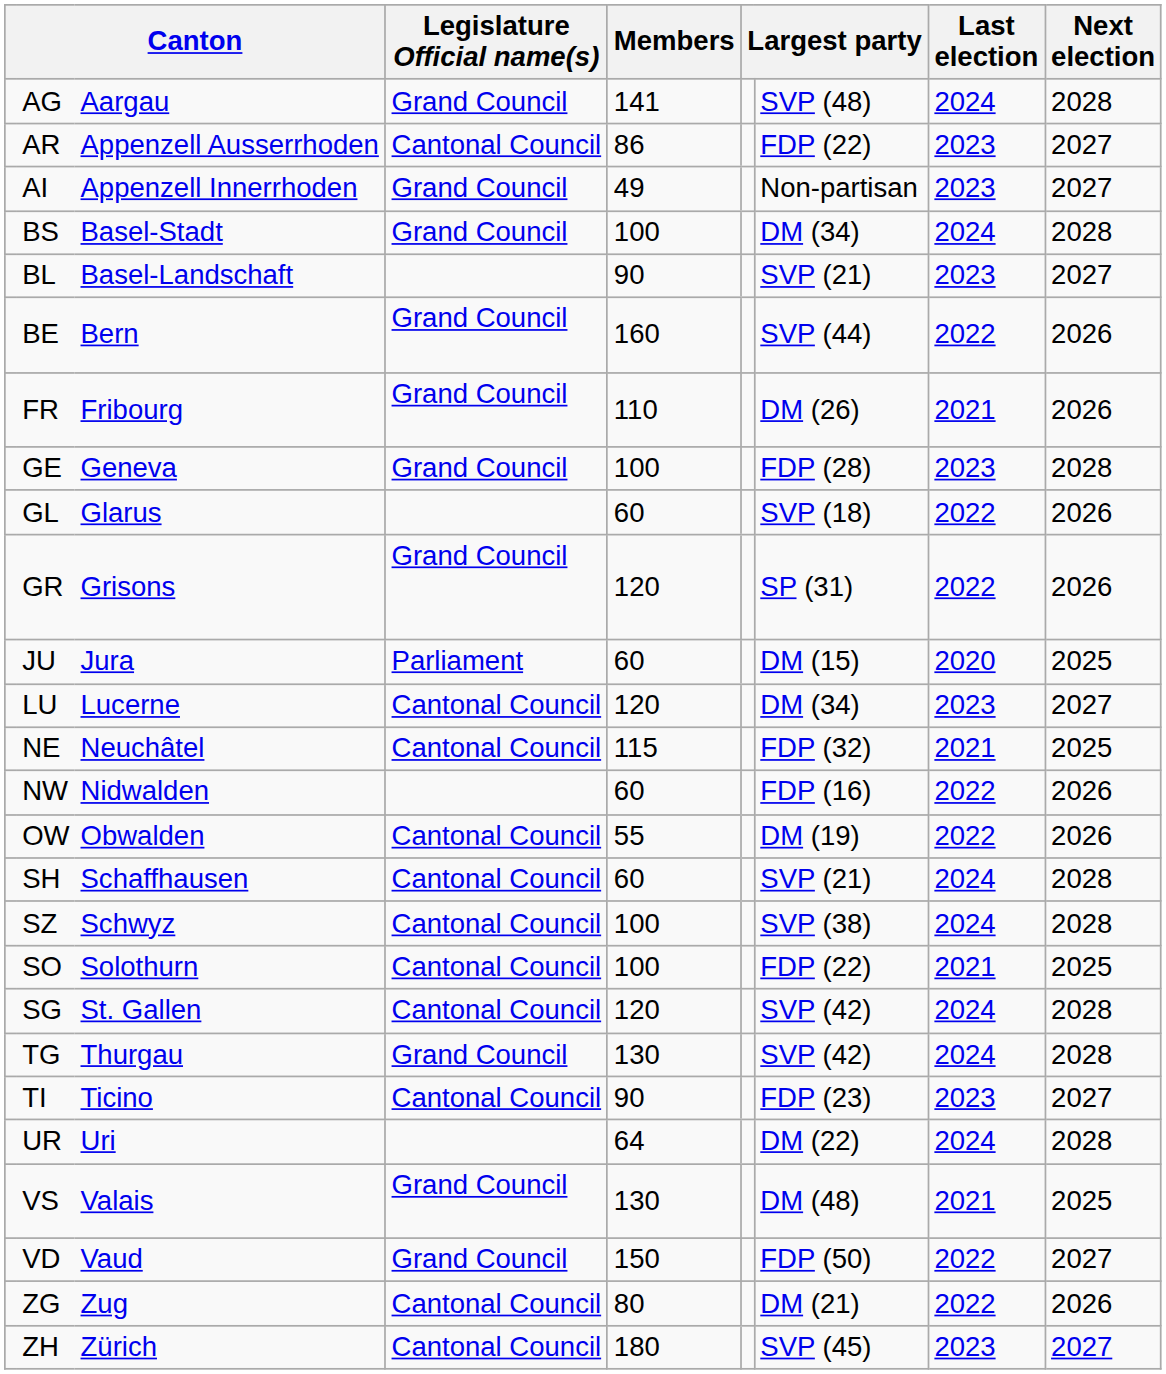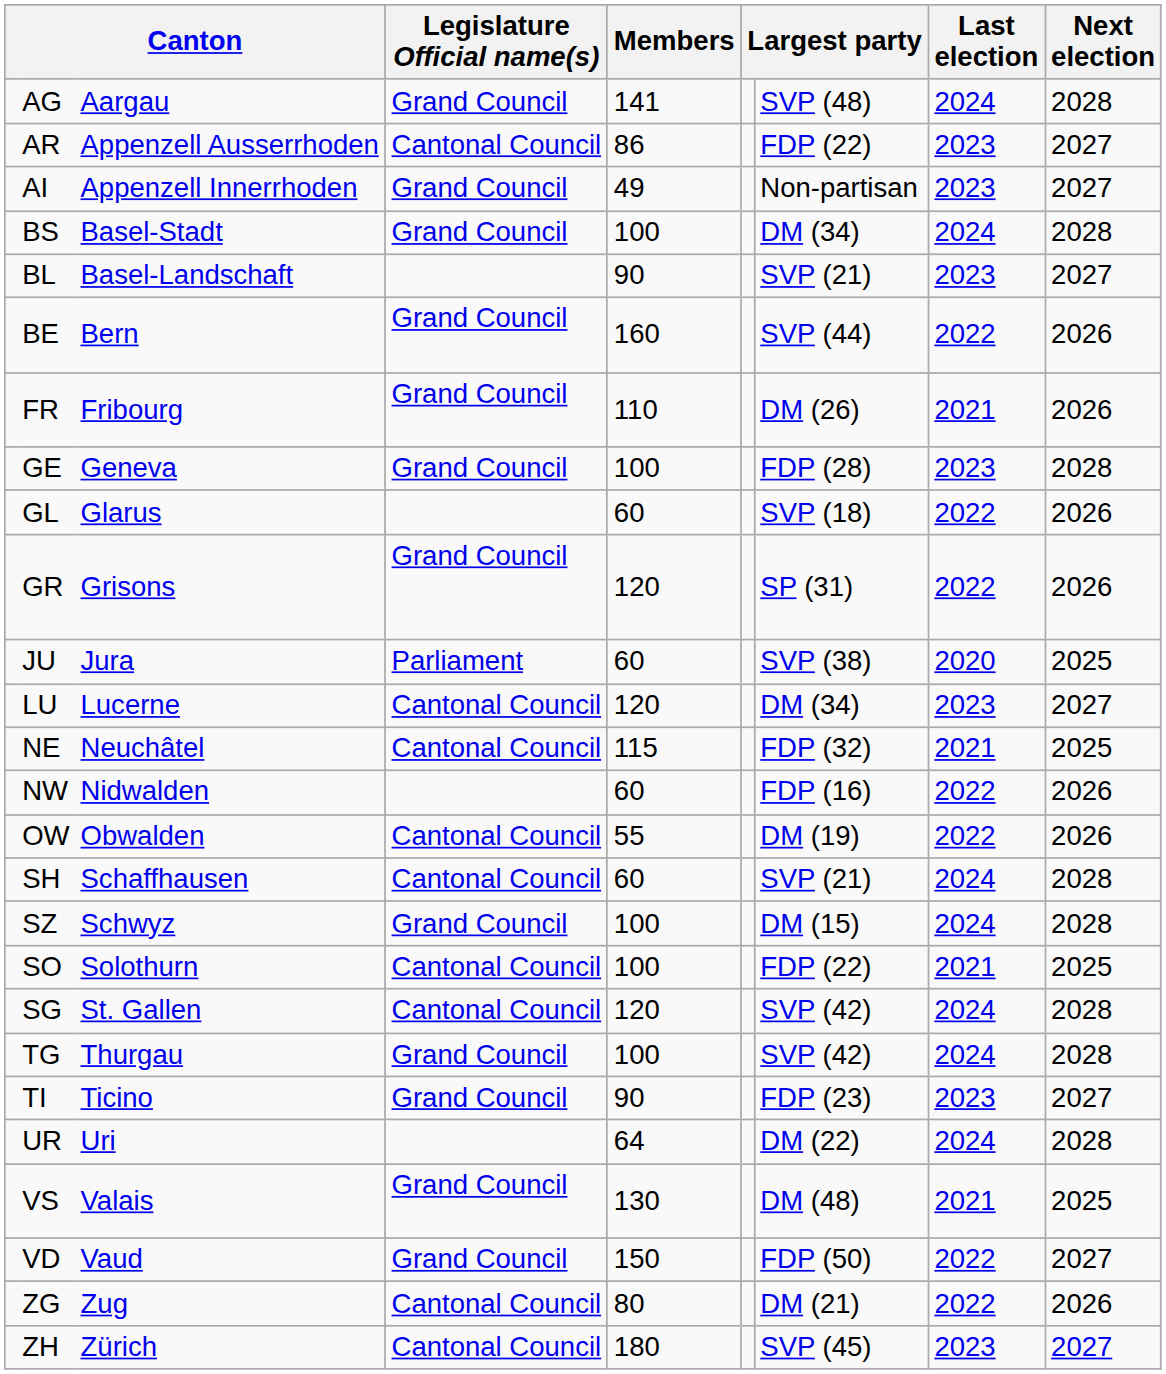 <table class="wikitable sortable">
 <tr>
 <th colspan="3"><a href='#'>Canton</a></th>
 <th>Legislature<br><em>Official name(s)</em></th>
 <th>Members</th>
 <th colspan="2">Largest party</th>
 <th>Last<br>election</th>
 <th>Next<br>election</th>
 </tr>
 <tr>
 <td style="border-right: none;"></td>
 <td style="border-left: none; border-right: none;">AG</td>
 <td style="border-left: none;"><a href='#'>Aargau</a></td>
 <td><a href='#'>Grand Council</a><br></td>
 <td>141</td>
 <td style="background-color: "></td>
 <td><a href='#'>SVP</a> (48)</td>
 <td><a href='#'>2024</a></td>
 <td>2028</td>
 </tr>
 <tr>
 <td style="border-right: none;"></td>
 <td style="border-left: none; border-right: none;">AR</td>
 <td style="border-left: none;"><a href='#'>Appenzell Ausserrhoden</a></td>
 <td><a href='#'>Cantonal Council</a><br></td>
 <td style="border-left: none; border-right: none;">86</td>
 <td style="background-color: "></td>
 <td><a href='#'>FDP</a> (22)</td>
 <td><a href='#'>2023</a></td>
 <td>2027</td>
 </tr>
 <tr>
 <td style="border-right: none;"></td>
 <td style="border-left: none; border-right: none;">AI</td>
 <td style="border-left: none;"><a href='#'>Appenzell Innerrhoden</a></td>
 <td><a href='#'>Grand Council</a><br></td>
 <td style="border-left: none; border-right: none;">49</td>
 <td></td>
 <td>Non-partisan</td>
 <td><a href='#'>2023</a></td>
 <td>2027</td>
 </tr>
 <tr>
 <td style="border-right: none;"></td>
 <td style="border-left: none; border-right: none;">BS</td>
 <td style="border-left: none;"><a href='#'>Basel-Stadt</a></td>
 <td><a href='#'>Grand Council</a><br></td>
 <td>100</td>
 <td style="background-color: "></td>
 <td><a href='#'>DM</a> (34)</td>
 <td><a href='#'>2024</a></td>
 <td>2028</td>
 </tr>
 <tr>
 <td style="border-right: none;"></td>
 <td style="border-left: none; border-right: none;">BL</td>
 <td style="border-left: none;"><a href='#'>Basel-Landschaft</a></td>
 <td></td>
 <td style="border-left: none; border-right: none;">90</td>
 <td style="background-color: "></td>
 <td><a href='#'>SVP</a> (21)</td>
 <td><a href='#'>2023</a></td>
 <td>2027</td>
 </tr>
 <tr>
 <td style="border-right: none;"></td>
 <td style="border-left: none; border-right: none;">BE</td>
 <td style="border-left: none;"><a href='#'>Bern</a></td>
 <td><a href='#'>Grand Council</a><br><br></td>
 <td>160</td>
 <td style="background-color: "></td>
 <td><a href='#'>SVP</a> (44)</td>
 <td><a href='#'>2022</a></td>
 <td>2026</td>
 </tr>
 <tr>
 <td style="border-right: none;"></td>
 <td style="border-left: none; border-right: none;">FR</td>
 <td style="border-left: none;"><a href='#'>Fribourg</a></td>
 <td><a href='#'>Grand Council</a><br><br></td>
 <td>110</td>
 <td style="background-color: "></td>
 <td><a href='#'>DM</a> (26)</td>
 <td><a href='#'>2021</a></td>
 <td>2026</td>
 </tr>
 <tr>
 <td style="border-right: none;"></td>
 <td style="border-left: none; border-right: none;">GE</td>
 <td style="border-left: none;"><a href='#'>Geneva</a></td>
 <td><a href='#'>Grand Council</a><br></td>
 <td>100</td>
 <td style="background-color: "></td>
 <td><a href='#'>FDP</a> (28)</td>
 <td><a href='#'>2023</a></td>
 <td>2028</td>
 </tr>
 <tr>
 <td style="border-right: none;"></td>
 <td style="border-left: none; border-right: none;">GL</td>
 <td style="border-left: none;"><a href='#'>Glarus</a></td>
 <td></td>
 <td style="border-left: none; border-right: none;">60</td>
 <td style="background-color: "></td>
 <td><a href='#'>SVP</a> (18)</td>
 <td><a href='#'>2022</a></td>
 <td>2026</td>
 </tr>
 <tr>
 <td style="border-right: none;"></td>
 <td style="border-left: none; border-right: none;">GR</td>
 <td style="border-left: none;"><a href='#'>Grisons</a></td>
 <td><a href='#'>Grand Council</a><br><br><br></td>
 <td>120</td>
 <td style="background-color: "></td>
 <td><a href='#'>SP</a> (31)</td>
 <td><a href='#'>2022</a></td>
 <td>2026</td>
 </tr>
 <tr>
 <td style="border-right: none;"></td>
 <td style="border-left: none; border-right: none;">JU</td>
 <td style="border-left: none;"><a href='#'>Jura</a></td>
 <td><a href='#'>Parliament</a><br></td>
 <td style="border-left: none; border-right: none;">60</td>
 <td style="background-color: "></td>
-<td><a href='#'>DM</a> (15)</td>
+<td><a href='#'>SVP</a> (38)</td>
 <td><a href='#'>2020</a></td>
 <td>2025</td>
 </tr>
 <tr>
 <td style="border-right: none;"></td>
 <td style="border-left: none; border-right: none;">LU</td>
 <td style="border-left: none;"><a href='#'>Lucerne</a></td>
 <td><a href='#'>Cantonal Council</a><br></td>
 <td>120</td>
 <td style="background-color: "></td>
 <td><a href='#'>DM</a> (34)</td>
 <td><a href='#'>2023</a></td>
 <td>2027</td>
 </tr>
 <tr>
 <td style="border-right: none;"></td>
 <td style="border-left: none; border-right: none;">NE</td>
 <td style="border-left: none;"><a href='#'>Neuchâtel</a></td>
 <td><a href='#'>Cantonal Council</a><br></td>
 <td>115</td>
 <td style="background-color: "></td>
 <td><a href='#'>FDP</a> (32)</td>
 <td><a href='#'>2021</a></td>
 <td>2025</td>
 </tr>
 <tr>
 <td style="border-right: none;"></td>
 <td style="border-left: none; border-right: none;">NW</td>
 <td style="border-left: none;"><a href='#'>Nidwalden</a></td>
 <td></td>
 <td style="border-left: none; border-right: none;">60</td>
 <td style="background-color: "></td>
 <td><a href='#'>FDP</a> (16)</td>
 <td><a href='#'>2022</a></td>
 <td>2026</td>
 </tr>
 <tr>
 <td style="border-right: none;"></td>
 <td style="border-left: none; border-right: none;">OW</td>
 <td style="border-left: none;"><a href='#'>Obwalden</a></td>
 <td><a href='#'>Cantonal Council</a><br></td>
 <td style="border-left: none; border-right: none;">55</td>
 <td style="background-color: "></td>
 <td><a href='#'>DM</a> (19)</td>
 <td><a href='#'>2022</a></td>
 <td>2026</td>
 </tr>
 <tr>
 <td style="border-right: none;"></td>
 <td style="border-left: none; border-right: none;">SH</td>
 <td style="border-left: none;"><a href='#'>Schaffhausen</a></td>
 <td><a href='#'>Cantonal Council</a><br></td>
 <td style="border-left: none; border-right: none;">60</td>
 <td style="background-color: "></td>
 <td><a href='#'>SVP</a> (21)</td>
 <td><a href='#'>2024</a></td>
 <td>2028</td>
 </tr>
 <tr>
 <td style="border-right: none;"></td>
 <td style="border-left: none; border-right: none;">SZ</td>
 <td style="border-left: none;"><a href='#'>Schwyz</a></td>
-<td><a href='#'>Cantonal Council</a><br></td>
+<td><a href='#'>Grand Council</a><br></td>
 <td>100</td>
 <td style="background-color: "></td>
-<td><a href='#'>SVP</a> (38)</td>
+<td><a href='#'>DM</a> (15)</td>
 <td><a href='#'>2024</a></td>
 <td>2028</td>
 </tr>
 <tr>
 <td style="border-right: none;"></td>
 <td style="border-left: none; border-right: none;">SO</td>
 <td style="border-left: none;"><a href='#'>Solothurn</a></td>
 <td><a href='#'>Cantonal Council</a><br></td>
 <td>100</td>
 <td style="background-color: "></td>
 <td><a href='#'>FDP</a> (22)</td>
 <td><a href='#'>2021</a></td>
 <td>2025</td>
 </tr>
 <tr>
 <td style="border-right: none;"></td>
 <td style="border-left: none; border-right: none;">SG</td>
 <td style="border-left: none;"><a href='#'>St. Gallen</a></td>
 <td><a href='#'>Cantonal Council</a><br></td>
 <td>120</td>
 <td style="background-color: "></td>
 <td><a href='#'>SVP</a> (42)</td>
 <td><a href='#'>2024</a></td>
 <td>2028</td>
 </tr>
 <tr>
 <td style="border-right: none;"></td>
 <td style="border-left: none; border-right: none;">TG</td>
 <td style="border-left: none;"><a href='#'>Thurgau</a></td>
 <td><a href='#'>Grand Council</a><br></td>
-<td>130</td>
+<td>100</td>
 <td style="background-color: "></td>
 <td><a href='#'>SVP</a> (42)</td>
 <td><a href='#'>2024</a></td>
 <td>2028</td>
 </tr>
 <tr>
 <td style="border-right: none;"></td>
 <td style="border-left: none; border-right: none;">TI</td>
 <td style="border-left: none;"><a href='#'>Ticino</a></td>
-<td><a href='#'>Cantonal Council</a><br></td>
+<td><a href='#'>Grand Council</a><br></td>
 <td style="border-left: none; border-right: none;">90</td>
 <td style="background-color: "></td>
 <td><a href='#'>FDP</a> (23)</td>
 <td><a href='#'>2023</a></td>
 <td>2027</td>
 </tr>
 <tr>
 <td style="border-right: none;"></td>
 <td style="border-left: none; border-right: none;">UR</td>
 <td style="border-left: none;"><a href='#'>Uri</a></td>
 <td></td>
 <td style="border-left: none; border-right: none;">64</td>
 <td style="background-color: "></td>
 <td><a href='#'>DM</a> (22)</td>
 <td><a href='#'>2024</a></td>
 <td>2028</td>
 </tr>
 <tr>
 <td style="border-right: none;"></td>
 <td style="border-left: none; border-right: none;">VS</td>
 <td style="border-left: none;"><a href='#'>Valais</a></td>
 <td><a href='#'>Grand Council</a><br><br></td>
 <td>130</td>
 <td style="background-color: "></td>
 <td><a href='#'>DM</a> (48)</td>
 <td><a href='#'>2021</a></td>
 <td>2025</td>
 </tr>
 <tr>
 <td style="border-right: none;"></td>
 <td style="border-left: none; border-right: none;">VD</td>
 <td style="border-left: none;"><a href='#'>Vaud</a></td>
 <td><a href='#'>Grand Council</a><br></td>
 <td>150</td>
 <td style="background-color: "></td>
 <td><a href='#'>FDP</a> (50)</td>
 <td><a href='#'>2022</a></td>
 <td>2027</td>
 </tr>
 <tr>
 <td style="border-right: none;"></td>
 <td style="border-left: none; border-right: none;">ZG</td>
 <td style="border-left: none;"><a href='#'>Zug</a></td>
 <td><a href='#'>Cantonal Council</a><br></td>
 <td style="border-left: none; border-right: none;">80</td>
 <td style="background-color: "></td>
 <td><a href='#'>DM</a> (21)</td>
 <td><a href='#'>2022</a></td>
 <td>2026</td>
 </tr>
 <tr>
 <td style="border-right: none;"></td>
 <td style="border-left: none; border-right: none;">ZH</td>
 <td style="border-left: none;"><a href='#'>Zürich</a></td>
 <td><a href='#'>Cantonal Council</a><br></td>
 <td>180</td>
 <td style="background-color: "></td>
 <td><a href='#'>SVP</a> (45)</td>
 <td><a href='#'>2023</a></td>
 <td><a href='#'>2027</a></td>
 </tr>
 </table>
